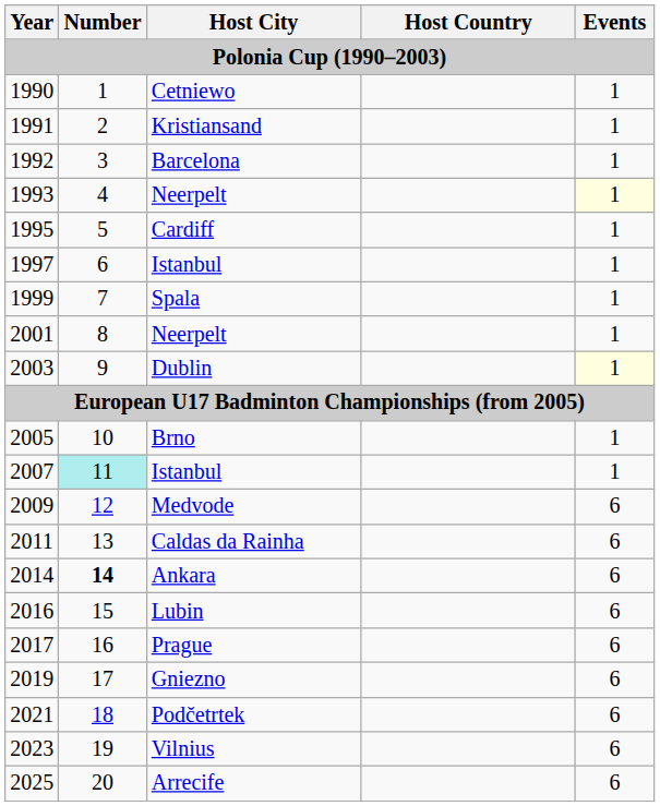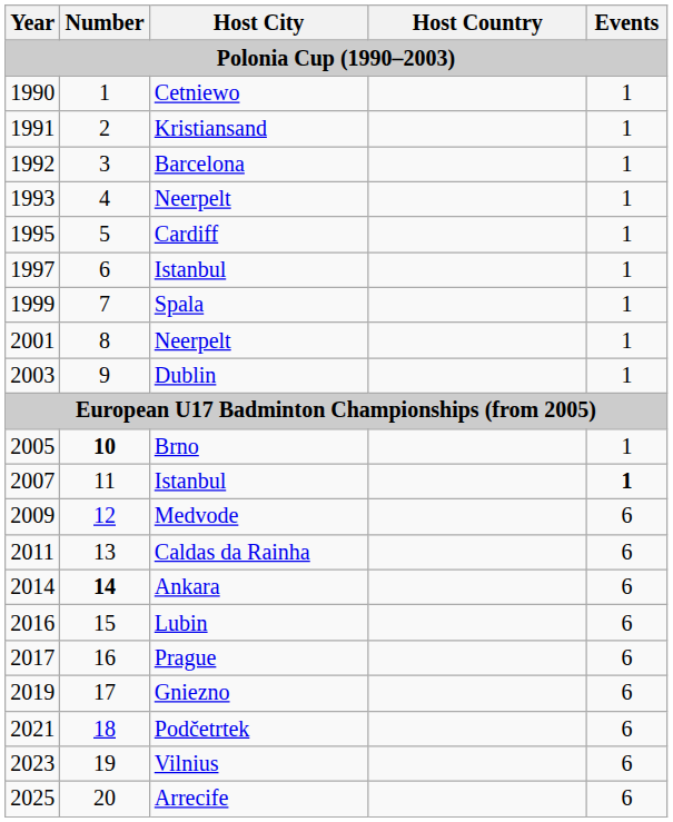 <table class="wikitable" style="font-size:100%">
 <tr>
 <th width=30>Year</th>
 <th width=30>Number</th>
 <th width=150>Host City</th>
 <th width=150>Host Country</th>
 <th width=50>Events</th>
 </tr>
 <tr>
 <td colspan="5" bgcolor="#cccccc"align=center><strong>Polonia Cup (1990–2003)</strong></td>
 </tr>
 <tr>
 <td align=center>1990</td>
 <td align=center>1</td>
 <td><a href='#'>Cetniewo</a></td>
 <td></td>
 <td align=center>1</td>
 </tr>
 <tr>
 <td align=center>1991</td>
 <td align=center>2</td>
 <td><a href='#'>Kristiansand</a></td>
 <td></td>
 <td align=center>1</td>
 </tr>
 <tr>
 <td align=center>1992</td>
 <td align=center>3</td>
 <td><a href='#'>Barcelona</a></td>
 <td></td>
 <td align=center>1</td>
 </tr>
 <tr>
 <td align=center>1993</td>
 <td align=center>4</td>
 <td><a href='#'>Neerpelt</a></td>
 <td></td>
-<td align=center style="background: lightyellow;">1</td>
+<td align=center>1</td>
 </tr>
 <tr>
 <td align=center>1995</td>
 <td align=center>5</td>
 <td><a href='#'>Cardiff</a></td>
 <td></td>
 <td align=center>1</td>
 </tr>
 <tr>
 <td align=center>1997</td>
 <td align=center>6</td>
 <td><a href='#'>Istanbul</a></td>
 <td></td>
 <td align=center>1</td>
 </tr>
 <tr>
 <td align=center>1999</td>
 <td align=center>7</td>
 <td><a href='#'>Spala</a></td>
 <td></td>
 <td align=center>1</td>
 </tr>
 <tr>
 <td align=center>2001</td>
 <td align=center>8</td>
 <td><a href='#'>Neerpelt</a></td>
 <td></td>
 <td align=center>1</td>
 </tr>
 <tr>
 <td align=center>2003</td>
 <td align=center>9</td>
 <td><a href='#'>Dublin</a></td>
 <td></td>
-<td align=center style="background: lightyellow;">1</td>
+<td align=center>1</td>
 </tr>
 <tr>
 <td colspan="5" bgcolor="#cccccc"align=center><strong>European U17 Badminton Championships (from 2005)</strong></td>
 </tr>
 <tr>
 <td align=center>2005</td>
-<td align=center>10</td>
+<td align=center><strong>10</strong></td>
 <td><a href='#'>Brno</a></td>
 <td></td>
 <td align=center>1</td>
 </tr>
 <tr>
 <td align=center>2007</td>
-<td align=center style="background: paleturquoise;">11</td>
+<td align=center>11</td>
 <td><a href='#'>Istanbul</a></td>
 <td></td>
-<td align=center>1</td>
+<td align=center><strong>1</strong></td>
 </tr>
 <tr>
 <td align=center>2009</td>
 <td align=center><a href='#'>12</a></td>
 <td><a href='#'>Medvode</a></td>
 <td></td>
 <td align=center>6</td>
 </tr>
 <tr>
 <td align=center>2011</td>
 <td align=center>13</td>
 <td><a href='#'>Caldas da Rainha</a></td>
 <td></td>
 <td align=center>6</td>
 </tr>
 <tr>
 <td align=center>2014</td>
 <td align=center><strong>14</strong></td>
 <td><a href='#'>Ankara</a></td>
 <td></td>
 <td align=center>6</td>
 </tr>
 <tr>
 <td align=center>2016</td>
 <td align=center>15</td>
 <td><a href='#'>Lubin</a></td>
 <td></td>
 <td align=center>6</td>
 </tr>
 <tr>
 <td align=center>2017</td>
 <td align=center>16</td>
 <td><a href='#'>Prague</a></td>
 <td></td>
 <td align=center>6</td>
 </tr>
 <tr>
 <td align=center>2019</td>
 <td align=center>17</td>
 <td><a href='#'>Gniezno</a></td>
 <td></td>
 <td align=center>6</td>
 </tr>
 <tr>
 <td align=center>2021</td>
 <td align=center><a href='#'>18</a></td>
 <td><a href='#'>Podčetrtek</a></td>
 <td></td>
 <td align=center>6</td>
 </tr>
 <tr>
 <td align=center>2023</td>
 <td align=center>19</td>
 <td><a href='#'>Vilnius</a></td>
 <td></td>
 <td align=center>6</td>
 </tr>
 <tr>
 <td align=center>2025</td>
 <td align=center>20</td>
 <td><a href='#'>Arrecife</a></td>
 <td></td>
 <td align=center>6</td>
 </tr>
 </table>
